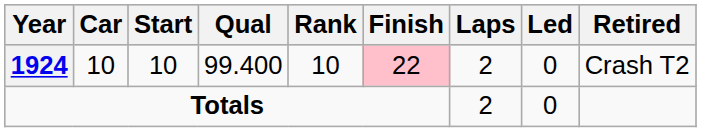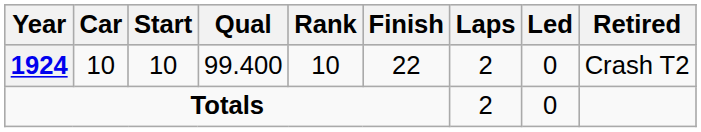 <table class="wikitable" style="text-align:center">
 <tr>
 <th>Year</th>
 <th>Car</th>
 <th>Start</th>
 <th>Qual</th>
 <th>Rank</th>
 <th>Finish</th>
 <th>Laps</th>
 <th>Led</th>
 <th>Retired</th>
 </tr>
 <tr>
 <th><a href='#'>1924</a></th>
 <td>10</td>
 <td>10</td>
 <td>99.400</td>
 <td>10</td>
-<td style="background: pink;">22</td>
+<td>22</td>
 <td>2</td>
 <td>0</td>
 <td>Crash T2</td>
 </tr>
 <tr>
 <td colspan=6><strong>Totals</strong></td>
 <td>2</td>
 <td>0</td>
 <td></td>
 </tr>
 </table>
